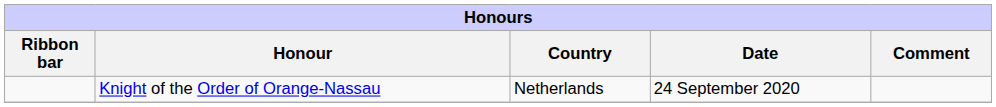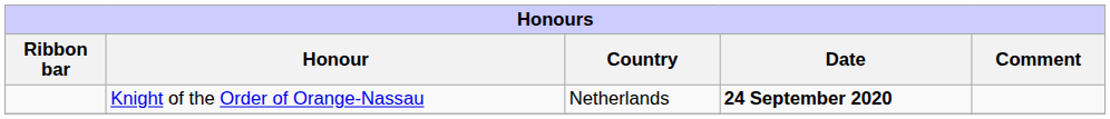 <table class="wikitable" style="width:60%;">
 <tr style="background:#ccf; text-align:center;">
 <td colspan=5><strong>Honours</strong></td>
 </tr>
 <tr>
 <th style="width:80px;">Ribbon bar</th>
 <th>Honour</th>
 <th>Country</th>
 <th>Date</th>
 <th>Comment</th>
 </tr>
 <tr>
 <td></td>
 <td><a href='#'>Knight</a> of the <a href='#'>Order of Orange-Nassau</a></td>
 <td>Netherlands</td>
-<td>24 September 2020</td>
+<td><strong>24 September 2020</strong></td>
 <td></td>
 </tr>
 <tr>
 </tr>
 </table>
